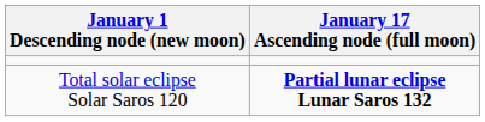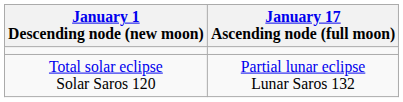 <table class="wikitable">
 <tr>
 <th><a href='#'>January 1</a><br>Descending node (new moon)<br></th>
 <th><a href='#'>January 17</a><br>Ascending node (full moon)<br></th>
 </tr>
 <tr>
 <td></td>
 <td></td>
 </tr>
 <tr align=center>
 <td><a href='#'>Total solar eclipse</a><br>Solar Saros 120</td>
-<td><strong><a href='#'>Partial lunar eclipse</a><br>Lunar Saros 132</strong></td>
+<td><a href='#'>Partial lunar eclipse</a><br>Lunar Saros 132</td>
 </tr>
 </table>
